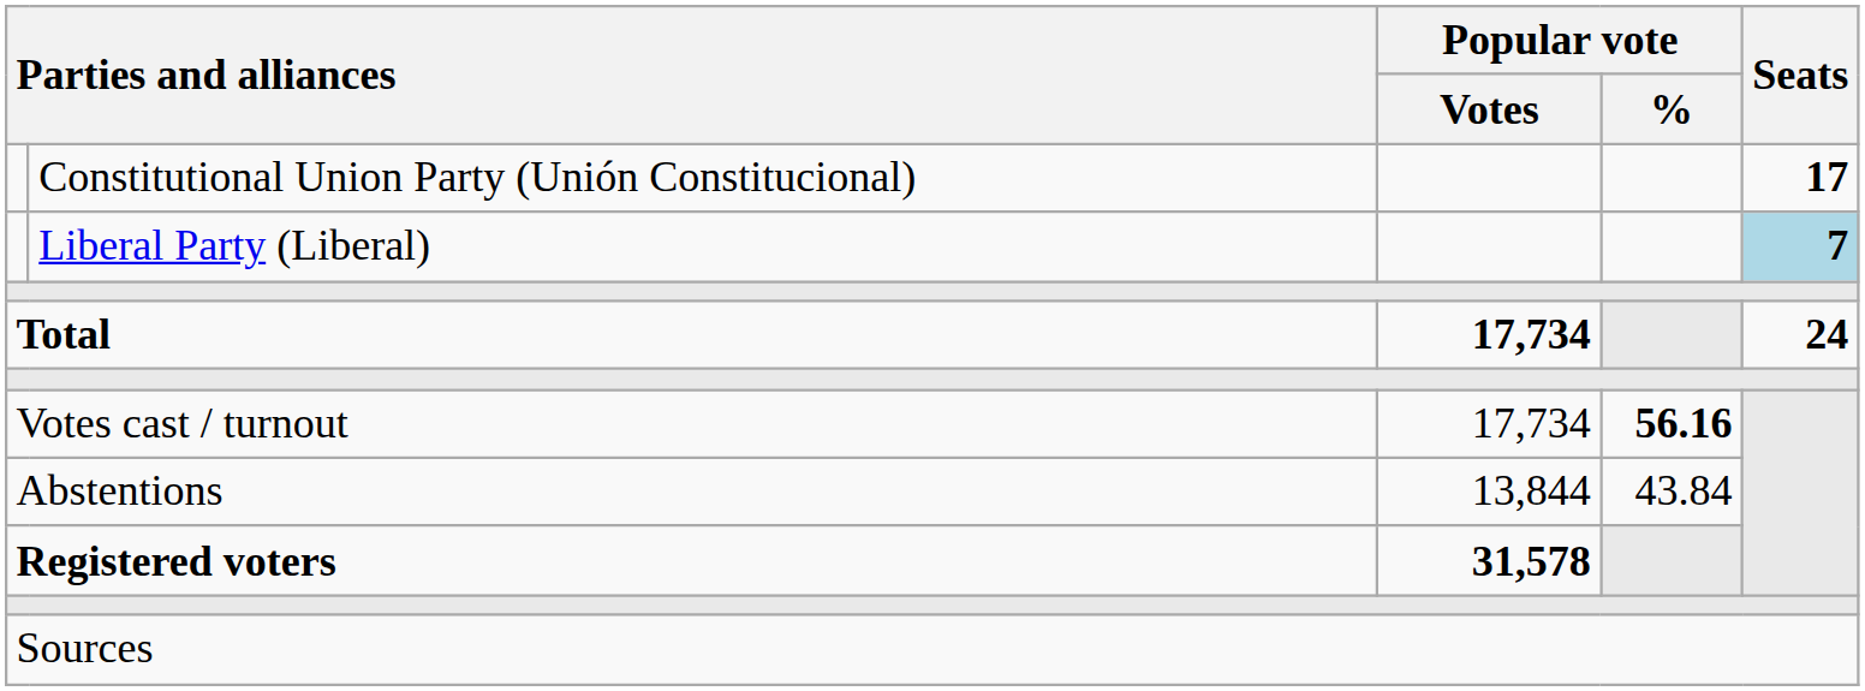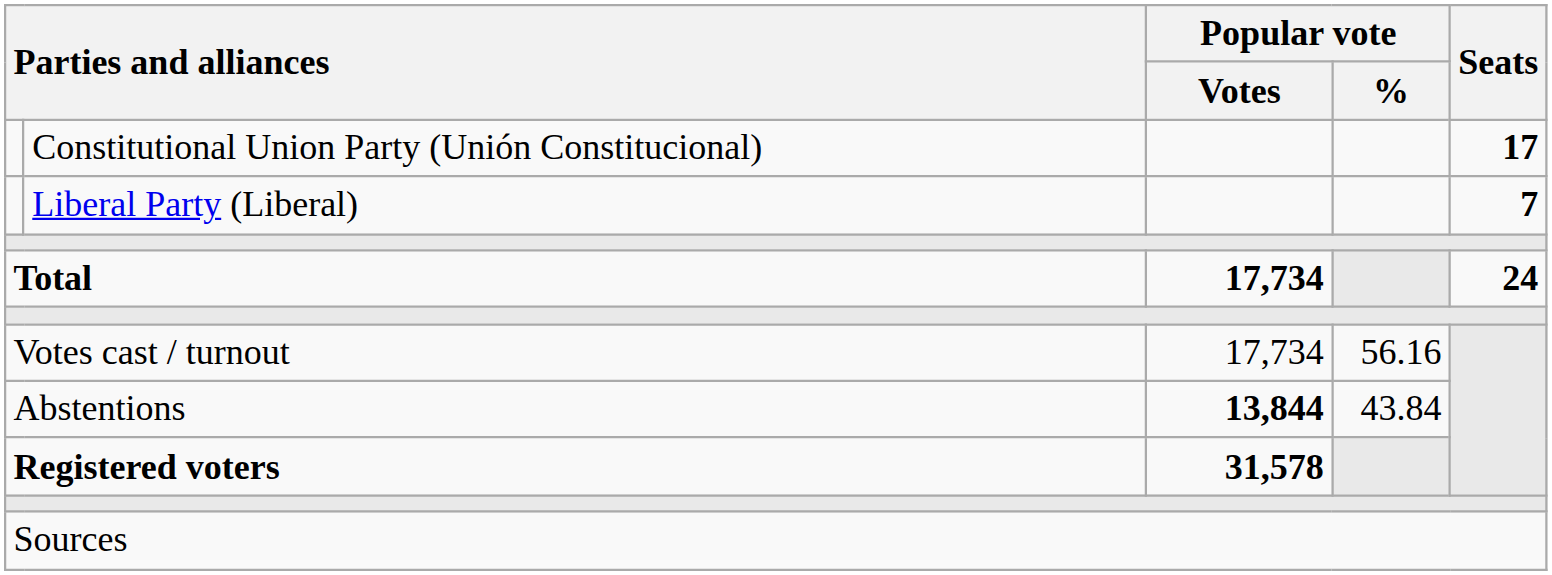 <table class="wikitable" style="text-align:right;">
 <tr>
 <th style="text-align:left;" rowspan="2" colspan="2" width="500">Parties and alliances</th>
 <th colspan="2">Popular vote</th>
 <th rowspan="2" width="35">Seats</th>
 </tr>
 <tr>
 <th width="75">Votes</th>
 <th width="45">%</th>
 </tr>
 <tr>
 <td width="1" style="color:inherit;background:"></td>
 <td align="left">Constitutional Union Party (Unión Constitucional)</td>
 <td></td>
 <td></td>
 <td><strong>17</strong></td>
 </tr>
 <tr>
 <td style="color:inherit;background:"></td>
 <td align="left"><a href='#'>Liberal Party</a> (Liberal)</td>
 <td></td>
 <td></td>
-<td style="background: lightblue;"><strong>7</strong></td>
+<td><strong>7</strong></td>
 </tr>
 <tr>
 <td colspan="5" bgcolor="#E9E9E9"></td>
 </tr>
 <tr style="font-weight:bold;">
 <td align="left" colspan="2">Total</td>
 <td>17,734</td>
 <td bgcolor="#E9E9E9"></td>
 <td>24</td>
 </tr>
 <tr>
 <td colspan="5" bgcolor="#E9E9E9"></td>
 </tr>
 <tr>
 <td align="left" colspan="2">Votes cast / turnout</td>
 <td>17,734</td>
-<td><strong>56.16</strong></td>
+<td>56.16</td>
 <td bgcolor="#E9E9E9" rowspan="3"></td>
 </tr>
 <tr>
 <td align="left" colspan="2">Abstentions</td>
-<td>13,844</td>
+<td><strong>13,844</strong></td>
 <td>43.84</td>
 </tr>
 <tr style="font-weight:bold;">
 <td align="left" colspan="2">Registered voters</td>
 <td>31,578</td>
 <td bgcolor="#E9E9E9"></td>
 </tr>
 <tr>
 <td colspan="5" bgcolor="#E9E9E9"></td>
 </tr>
 <tr>
 <td align="left" colspan="5">Sources</td>
 </tr>
 </table>
